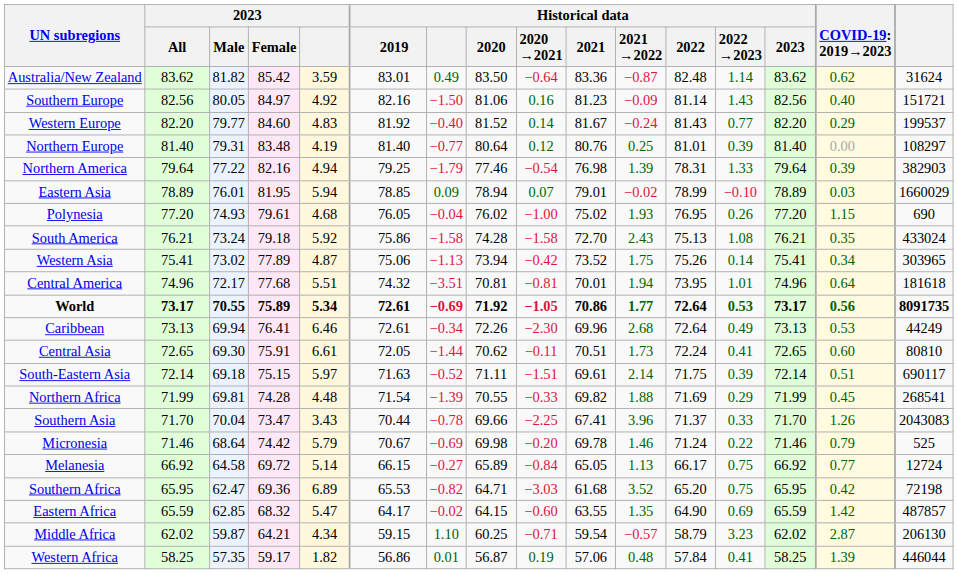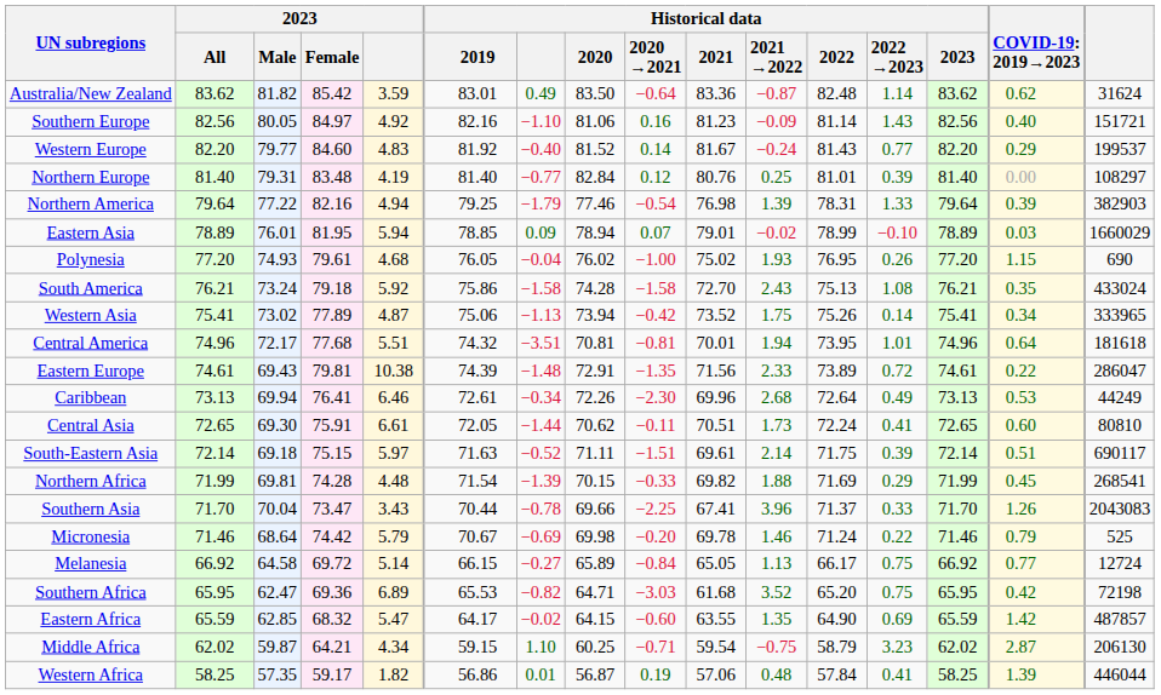 <table class="wikitable sortable mw-datatable static-row-numbers sort-under col1left col7right col9right col11right col13right col15right col16right" style="text-align:center;">
 <tr>
 <th rowspan=2 style="vertical-align:middle;"><a href='#'>UN subregions</a></th>
 <th colspan=4>2023</th>
 <th colspan=9 style="border-left-width:2px;">Historical data</th>
 <th rowspan=2 style="border-left-width:2px; text-align:middle;"><br><a href='#'>COVID-19</a>:<br>2019→2023</th>
 <th rowspan=2 style="border-left-width:2px; text-align:middle;"></th>
 </tr>
 <tr>
 <th style="vertical-align:middle;width:4em;">All</th>
 <th style="vertical-align:middle;">Male</th>
 <th style="vertical-align:middle;">Female</th>
 <th style="vertical-align:middle; width:3em;"></th>
 <th style="border-left-width:2px; vertical-align:middle; width:4em; padding-left:1em;">2019</th>
 <th style="text-align:left;"></th>
 <th style="vertical-align:middle; width:3em;">2020</th>
 <th style="text-align:left;">2020<br>→2021</th>
 <th style="vertical-align:middle; width:3em;">2021</th>
 <th style="text-align:left;">2021<br>→2022</th>
 <th style="vertical-align:middle; width:3em;">2022</th>
 <th style="text-align:left;">2022<br>→2023</th>
 <th style="vertical-align:middle; width:3em;">2023</th>
 </tr>
 <tr>
 <td><a href='#'>Australia/New Zealand</a></td>
 <td style="background:#e0ffd8;">83.62</td>
 <td style="background:#eaf3ff;">81.82</td>
 <td style="background:#fee7f6;">85.42</td>
 <td style="background:#fff8dc;">3.59</td>
 <td style="border-left-width:2px;padding-left:1em;">83.01</td>
 <td style=" color:darkgreen;">0.49</td>
 <td>83.50</td>
 <td style=" color:crimson;">−0.64</td>
 <td>83.36</td>
 <td style=" color:crimson;">−0.87</td>
 <td>82.48</td>
 <td style=" color:darkgreen;">1.14</td>
 <td style="background:#e0ffd8;">83.62</td>
 <td style="background:#fffae0;border-left-width:2px;padding-right:2em; color:darkgreen;">0.62</td>
 <td style="border-left-width:2px;">31624</td>
 </tr>
 <tr>
 <td><a href='#'>Southern Europe</a></td>
 <td style="background:#e0ffd8;">82.56</td>
 <td style="background:#eaf3ff;">80.05</td>
 <td style="background:#fee7f6;">84.97</td>
 <td style="background:#fff8dc;">4.92</td>
 <td style="border-left-width:2px;padding-left:1em;">82.16</td>
-<td style=" color:crimson;">−1.50</td>
+<td style=" color:crimson;">−1.10</td>
 <td>81.06</td>
 <td style=" color:darkgreen;">0.16</td>
 <td>81.23</td>
 <td style=" color:crimson;">−0.09</td>
 <td>81.14</td>
 <td style=" color:darkgreen;">1.43</td>
 <td style="background:#e0ffd8;">82.56</td>
 <td style="background:#fffae0;border-left-width:2px;padding-right:2em; color:darkgreen;">0.40</td>
 <td style="border-left-width:2px;">151721</td>
 </tr>
 <tr>
 <td><a href='#'>Western Europe</a></td>
 <td style="background:#e0ffd8;">82.20</td>
 <td style="background:#eaf3ff;">79.77</td>
 <td style="background:#fee7f6;">84.60</td>
 <td style="background:#fff8dc;">4.83</td>
 <td style="border-left-width:2px;padding-left:1em;">81.92</td>
 <td style=" color:crimson;">−0.40</td>
 <td>81.52</td>
 <td style=" color:darkgreen;">0.14</td>
 <td>81.67</td>
 <td style=" color:crimson;">−0.24</td>
 <td>81.43</td>
 <td style=" color:darkgreen;">0.77</td>
 <td style="background:#e0ffd8;">82.20</td>
 <td style="background:#fffae0;border-left-width:2px;padding-right:2em; color:darkgreen;">0.29</td>
 <td style="border-left-width:2px;">199537</td>
 </tr>
 <tr>
 <td><a href='#'>Northern Europe</a></td>
 <td style="background:#e0ffd8;">81.40</td>
 <td style="background:#eaf3ff;">79.31</td>
 <td style="background:#fee7f6;">83.48</td>
 <td style="background:#fff8dc;">4.19</td>
 <td style="border-left-width:2px;padding-left:1em;">81.40</td>
 <td style=" color:crimson;">−0.77</td>
-<td>80.64</td>
+<td>82.84</td>
 <td style=" color:darkgreen;">0.12</td>
 <td>80.76</td>
 <td style=" color:darkgreen;">0.25</td>
 <td>81.01</td>
 <td style=" color:darkgreen;">0.39</td>
 <td style="background:#e0ffd8;">81.40</td>
 <td style="background:#fffae0;border-left-width:2px;padding-right:2em; color:darkgray;">0.00</td>
 <td style="border-left-width:2px;">108297</td>
 </tr>
 <tr>
 <td><a href='#'>Northern America</a></td>
 <td style="background:#e0ffd8;">79.64</td>
 <td style="background:#eaf3ff;">77.22</td>
 <td style="background:#fee7f6;">82.16</td>
 <td style="background:#fff8dc;">4.94</td>
 <td style="border-left-width:2px;padding-left:1em;">79.25</td>
 <td style=" color:crimson;">−1.79</td>
 <td>77.46</td>
 <td style=" color:crimson;">−0.54</td>
 <td>76.98</td>
 <td style=" color:darkgreen;">1.39</td>
 <td>78.31</td>
 <td style=" color:darkgreen;">1.33</td>
 <td style="background:#e0ffd8;">79.64</td>
 <td style="background:#fffae0;border-left-width:2px;padding-right:2em; color:darkgreen;">0.39</td>
 <td style="border-left-width:2px;">382903</td>
 </tr>
 <tr>
 <td><a href='#'>Eastern Asia</a></td>
 <td style="background:#e0ffd8;">78.89</td>
 <td style="background:#eaf3ff;">76.01</td>
 <td style="background:#fee7f6;">81.95</td>
 <td style="background:#fff8dc;">5.94</td>
 <td style="border-left-width:2px;padding-left:1em;">78.85</td>
 <td style=" color:darkgreen;">0.09</td>
 <td>78.94</td>
 <td style=" color:darkgreen;">0.07</td>
 <td>79.01</td>
 <td style=" color:crimson;">−0.02</td>
 <td>78.99</td>
 <td style=" color:crimson;">−0.10</td>
 <td style="background:#e0ffd8;">78.89</td>
 <td style="background:#fffae0;border-left-width:2px;padding-right:2em; color:darkgreen;">0.03</td>
 <td style="border-left-width:2px;">1660029</td>
 </tr>
 <tr>
 <td><a href='#'>Polynesia</a></td>
 <td style="background:#e0ffd8;">77.20</td>
 <td style="background:#eaf3ff;">74.93</td>
 <td style="background:#fee7f6;">79.61</td>
 <td style="background:#fff8dc;">4.68</td>
 <td style="border-left-width:2px;padding-left:1em;">76.05</td>
 <td style=" color:crimson;">−0.04</td>
 <td>76.02</td>
 <td style=" color:crimson;">−1.00</td>
 <td>75.02</td>
 <td style=" color:darkgreen;">1.93</td>
 <td>76.95</td>
 <td style=" color:darkgreen;">0.26</td>
 <td style="background:#e0ffd8;">77.20</td>
 <td style="background:#fffae0;border-left-width:2px;padding-right:2em; color:darkgreen;">1.15</td>
 <td style="border-left-width:2px;">690</td>
 </tr>
 <tr>
 <td><a href='#'>South America</a></td>
 <td style="background:#e0ffd8;">76.21</td>
 <td style="background:#eaf3ff;">73.24</td>
 <td style="background:#fee7f6;">79.18</td>
 <td style="background:#fff8dc;">5.92</td>
 <td style="border-left-width:2px;padding-left:1em;">75.86</td>
 <td style=" color:crimson;">−1.58</td>
 <td>74.28</td>
 <td style=" color:crimson;">−1.58</td>
 <td>72.70</td>
 <td style=" color:darkgreen;">2.43</td>
 <td>75.13</td>
 <td style=" color:darkgreen;">1.08</td>
 <td style="background:#e0ffd8;">76.21</td>
 <td style="background:#fffae0;border-left-width:2px;padding-right:2em; color:darkgreen;">0.35</td>
 <td style="border-left-width:2px;">433024</td>
 </tr>
 <tr>
 <td><a href='#'>Western Asia</a></td>
 <td style="background:#e0ffd8;">75.41</td>
 <td style="background:#eaf3ff;">73.02</td>
 <td style="background:#fee7f6;">77.89</td>
 <td style="background:#fff8dc;">4.87</td>
 <td style="border-left-width:2px;padding-left:1em;">75.06</td>
 <td style=" color:crimson;">−1.13</td>
 <td>73.94</td>
 <td style=" color:crimson;">−0.42</td>
 <td>73.52</td>
 <td style=" color:darkgreen;">1.75</td>
 <td>75.26</td>
 <td style=" color:darkgreen;">0.14</td>
 <td style="background:#e0ffd8;">75.41</td>
 <td style="background:#fffae0;border-left-width:2px;padding-right:2em; color:darkgreen;">0.34</td>
-<td style="border-left-width:2px;">303965</td>
+<td style="border-left-width:2px;">333965</td>
 </tr>
 <tr>
 <td><a href='#'>Central America</a></td>
 <td style="background:#e0ffd8;">74.96</td>
 <td style="background:#eaf3ff;">72.17</td>
 <td style="background:#fee7f6;">77.68</td>
 <td style="background:#fff8dc;">5.51</td>
 <td style="border-left-width:2px;padding-left:1em;">74.32</td>
 <td style=" color:crimson;">−3.51</td>
 <td>70.81</td>
 <td style=" color:crimson;">−0.81</td>
 <td>70.01</td>
 <td style=" color:darkgreen;">1.94</td>
 <td>73.95</td>
 <td style=" color:darkgreen;">1.01</td>
 <td style="background:#e0ffd8;">74.96</td>
 <td style="background:#fffae0;border-left-width:2px;padding-right:2em; color:darkgreen;">0.64</td>
 <td style="border-left-width:2px;">181618</td>
 </tr>
-<tr class=static-row-header>
-<td><strong>World</strong></td>
-<td style="background:#e0ffd8;"><strong>73.17</strong></td>
-<td style="background:#eaf3ff;"><strong>70.55</strong></td>
-<td style="background:#fee7f6;"><strong>75.89</strong></td>
-<td style="background:#fff8dc;"><strong>5.34</strong></td>
-<td style="border-left-width:2px;padding-left:1em;"><strong>72.61</strong></td>
-<td style=" color:crimson;"><strong>−0.69</strong></td>
-<td><strong>71.92</strong></td>
-<td style=" color:crimson;"><strong>−1.05</strong></td>
-<td><strong>70.86</strong></td>
-<td style=" color:darkgreen;"><strong>1.77</strong></td>
-<td><strong>72.64</strong></td>
-<td style=" color:darkgreen;"><strong>0.53</strong></td>
-<td style="background:#e0ffd8;"><strong>73.17</strong></td>
-<td style="background:#fffae0;border-left-width:2px;padding-right:2em; color:darkgreen;"><strong>0.56</strong></td>
-<td style="border-left-width:2px;"><strong>8091735</strong></td>
+<tr>
+<td><a href='#'>Eastern Europe</a></td>
+<td style="background:#e0ffd8;">74.61</td>
+<td style="background:#eaf3ff;">69.43</td>
+<td style="background:#fee7f6;">79.81</td>
+<td style="background:#fff8dc;">10.38</td>
+<td style="border-left-width:2px;padding-left:1em;">74.39</td>
+<td style=" color:crimson;">−1.48</td>
+<td>72.91</td>
+<td style=" color:crimson;">−1.35</td>
+<td>71.56</td>
+<td style=" color:darkgreen;">2.33</td>
+<td>73.89</td>
+<td style=" color:darkgreen;">0.72</td>
+<td style="background:#e0ffd8;">74.61</td>
+<td style="background:#fffae0;border-left-width:2px;padding-right:2em; color:darkgreen;">0.22</td>
+<td style="border-left-width:2px;">286047</td>
 </tr>
 <tr>
 <td><a href='#'>Caribbean</a></td>
 <td style="background:#e0ffd8;">73.13</td>
 <td style="background:#eaf3ff;">69.94</td>
 <td style="background:#fee7f6;">76.41</td>
 <td style="background:#fff8dc;">6.46</td>
 <td style="border-left-width:2px;padding-left:1em;">72.61</td>
 <td style=" color:crimson;">−0.34</td>
 <td>72.26</td>
 <td style=" color:crimson;">−2.30</td>
 <td>69.96</td>
 <td style=" color:darkgreen;">2.68</td>
 <td>72.64</td>
 <td style=" color:darkgreen;">0.49</td>
 <td style="background:#e0ffd8;">73.13</td>
 <td style="background:#fffae0;border-left-width:2px;padding-right:2em; color:darkgreen;">0.53</td>
 <td style="border-left-width:2px;">44249</td>
 </tr>
 <tr>
 <td><a href='#'>Central Asia</a></td>
 <td style="background:#e0ffd8;">72.65</td>
 <td style="background:#eaf3ff;">69.30</td>
 <td style="background:#fee7f6;">75.91</td>
 <td style="background:#fff8dc;">6.61</td>
 <td style="border-left-width:2px;padding-left:1em;">72.05</td>
 <td style=" color:crimson;">−1.44</td>
 <td>70.62</td>
 <td style=" color:crimson;">−0.11</td>
 <td>70.51</td>
 <td style=" color:darkgreen;">1.73</td>
 <td>72.24</td>
 <td style=" color:darkgreen;">0.41</td>
 <td style="background:#e0ffd8;">72.65</td>
 <td style="background:#fffae0;border-left-width:2px;padding-right:2em; color:darkgreen;">0.60</td>
 <td style="border-left-width:2px;">80810</td>
 </tr>
 <tr>
 <td><a href='#'>South-Eastern Asia</a></td>
 <td style="background:#e0ffd8;">72.14</td>
 <td style="background:#eaf3ff;">69.18</td>
 <td style="background:#fee7f6;">75.15</td>
 <td style="background:#fff8dc;">5.97</td>
 <td style="border-left-width:2px;padding-left:1em;">71.63</td>
 <td style=" color:crimson;">−0.52</td>
 <td>71.11</td>
 <td style=" color:crimson;">−1.51</td>
 <td>69.61</td>
 <td style=" color:darkgreen;">2.14</td>
 <td>71.75</td>
 <td style=" color:darkgreen;">0.39</td>
 <td style="background:#e0ffd8;">72.14</td>
 <td style="background:#fffae0;border-left-width:2px;padding-right:2em; color:darkgreen;">0.51</td>
 <td style="border-left-width:2px;">690117</td>
 </tr>
 <tr>
 <td><a href='#'>Northern Africa</a></td>
 <td style="background:#e0ffd8;">71.99</td>
 <td style="background:#eaf3ff;">69.81</td>
 <td style="background:#fee7f6;">74.28</td>
 <td style="background:#fff8dc;">4.48</td>
 <td style="border-left-width:2px;padding-left:1em;">71.54</td>
 <td style=" color:crimson;">−1.39</td>
-<td>70.55</td>
+<td>70.15</td>
 <td style=" color:crimson;">−0.33</td>
 <td>69.82</td>
 <td style=" color:darkgreen;">1.88</td>
 <td>71.69</td>
 <td style=" color:darkgreen;">0.29</td>
 <td style="background:#e0ffd8;">71.99</td>
 <td style="background:#fffae0;border-left-width:2px;padding-right:2em; color:darkgreen;">0.45</td>
 <td style="border-left-width:2px;">268541</td>
 </tr>
 <tr>
 <td><a href='#'>Southern Asia</a></td>
 <td style="background:#e0ffd8;">71.70</td>
 <td style="background:#eaf3ff;">70.04</td>
 <td style="background:#fee7f6;">73.47</td>
 <td style="background:#fff8dc;">3.43</td>
 <td style="border-left-width:2px;padding-left:1em;">70.44</td>
 <td style=" color:crimson;">−0.78</td>
 <td>69.66</td>
 <td style=" color:crimson;">−2.25</td>
 <td>67.41</td>
 <td style=" color:darkgreen;">3.96</td>
 <td>71.37</td>
 <td style=" color:darkgreen;">0.33</td>
 <td style="background:#e0ffd8;">71.70</td>
 <td style="background:#fffae0;border-left-width:2px;padding-right:2em; color:darkgreen;">1.26</td>
 <td style="border-left-width:2px;">2043083</td>
 </tr>
 <tr>
 <td><a href='#'>Micronesia</a></td>
 <td style="background:#e0ffd8;">71.46</td>
 <td style="background:#eaf3ff;">68.64</td>
 <td style="background:#fee7f6;">74.42</td>
 <td style="background:#fff8dc;">5.79</td>
 <td style="border-left-width:2px;padding-left:1em;">70.67</td>
 <td style=" color:crimson;">−0.69</td>
 <td>69.98</td>
 <td style=" color:crimson;">−0.20</td>
 <td>69.78</td>
 <td style=" color:darkgreen;">1.46</td>
 <td>71.24</td>
 <td style=" color:darkgreen;">0.22</td>
 <td style="background:#e0ffd8;">71.46</td>
 <td style="background:#fffae0;border-left-width:2px;padding-right:2em; color:darkgreen;">0.79</td>
 <td style="border-left-width:2px;">525</td>
 </tr>
 <tr>
 <td><a href='#'>Melanesia</a></td>
 <td style="background:#e0ffd8;">66.92</td>
 <td style="background:#eaf3ff;">64.58</td>
 <td style="background:#fee7f6;">69.72</td>
 <td style="background:#fff8dc;">5.14</td>
 <td style="border-left-width:2px;padding-left:1em;">66.15</td>
 <td style=" color:crimson;">−0.27</td>
 <td>65.89</td>
 <td style=" color:crimson;">−0.84</td>
 <td>65.05</td>
 <td style=" color:darkgreen;">1.13</td>
 <td>66.17</td>
 <td style=" color:darkgreen;">0.75</td>
 <td style="background:#e0ffd8;">66.92</td>
 <td style="background:#fffae0;border-left-width:2px;padding-right:2em; color:darkgreen;">0.77</td>
 <td style="border-left-width:2px;">12724</td>
 </tr>
 <tr>
 <td><a href='#'>Southern Africa</a></td>
 <td style="background:#e0ffd8;">65.95</td>
 <td style="background:#eaf3ff;">62.47</td>
 <td style="background:#fee7f6;">69.36</td>
 <td style="background:#fff8dc;">6.89</td>
 <td style="border-left-width:2px;padding-left:1em;">65.53</td>
 <td style=" color:crimson;">−0.82</td>
 <td>64.71</td>
 <td style=" color:crimson;">−3.03</td>
 <td>61.68</td>
 <td style=" color:darkgreen;">3.52</td>
 <td>65.20</td>
 <td style=" color:darkgreen;">0.75</td>
 <td style="background:#e0ffd8;">65.95</td>
 <td style="background:#fffae0;border-left-width:2px;padding-right:2em; color:darkgreen;">0.42</td>
 <td style="border-left-width:2px;">72198</td>
 </tr>
 <tr>
 <td><a href='#'>Eastern Africa</a></td>
 <td style="background:#e0ffd8;">65.59</td>
 <td style="background:#eaf3ff;">62.85</td>
 <td style="background:#fee7f6;">68.32</td>
 <td style="background:#fff8dc;">5.47</td>
 <td style="border-left-width:2px;padding-left:1em;">64.17</td>
 <td style=" color:crimson;">−0.02</td>
 <td>64.15</td>
 <td style=" color:crimson;">−0.60</td>
 <td>63.55</td>
 <td style=" color:darkgreen;">1.35</td>
 <td>64.90</td>
 <td style=" color:darkgreen;">0.69</td>
 <td style="background:#e0ffd8;">65.59</td>
 <td style="background:#fffae0;border-left-width:2px;padding-right:2em; color:darkgreen;">1.42</td>
 <td style="border-left-width:2px;">487857</td>
 </tr>
 <tr>
 <td><a href='#'>Middle Africa</a></td>
 <td style="background:#e0ffd8;">62.02</td>
 <td style="background:#eaf3ff;">59.87</td>
 <td style="background:#fee7f6;">64.21</td>
 <td style="background:#fff8dc;">4.34</td>
 <td style="border-left-width:2px;padding-left:1em;">59.15</td>
 <td style=" color:darkgreen;">1.10</td>
 <td>60.25</td>
 <td style=" color:crimson;">−0.71</td>
 <td>59.54</td>
-<td style=" color:crimson;">−0.57</td>
+<td style=" color:crimson;">−0.75</td>
 <td>58.79</td>
 <td style=" color:darkgreen;">3.23</td>
 <td style="background:#e0ffd8;">62.02</td>
 <td style="background:#fffae0;border-left-width:2px;padding-right:2em; color:darkgreen;">2.87</td>
 <td style="border-left-width:2px;">206130</td>
 </tr>
 <tr>
 <td><a href='#'>Western Africa</a></td>
 <td style="background:#e0ffd8;">58.25</td>
 <td style="background:#eaf3ff;">57.35</td>
 <td style="background:#fee7f6;">59.17</td>
 <td style="background:#fff8dc;">1.82</td>
 <td style="border-left-width:2px;padding-left:1em;">56.86</td>
 <td style=" color:darkgreen;">0.01</td>
 <td>56.87</td>
 <td style=" color:darkgreen;">0.19</td>
 <td>57.06</td>
 <td style=" color:darkgreen;">0.48</td>
 <td>57.84</td>
 <td style=" color:darkgreen;">0.41</td>
 <td style="background:#e0ffd8;">58.25</td>
 <td style="background:#fffae0;border-left-width:2px;padding-right:2em; color:darkgreen;">1.39</td>
 <td style="border-left-width:2px;">446044</td>
 </tr>
 </table>
